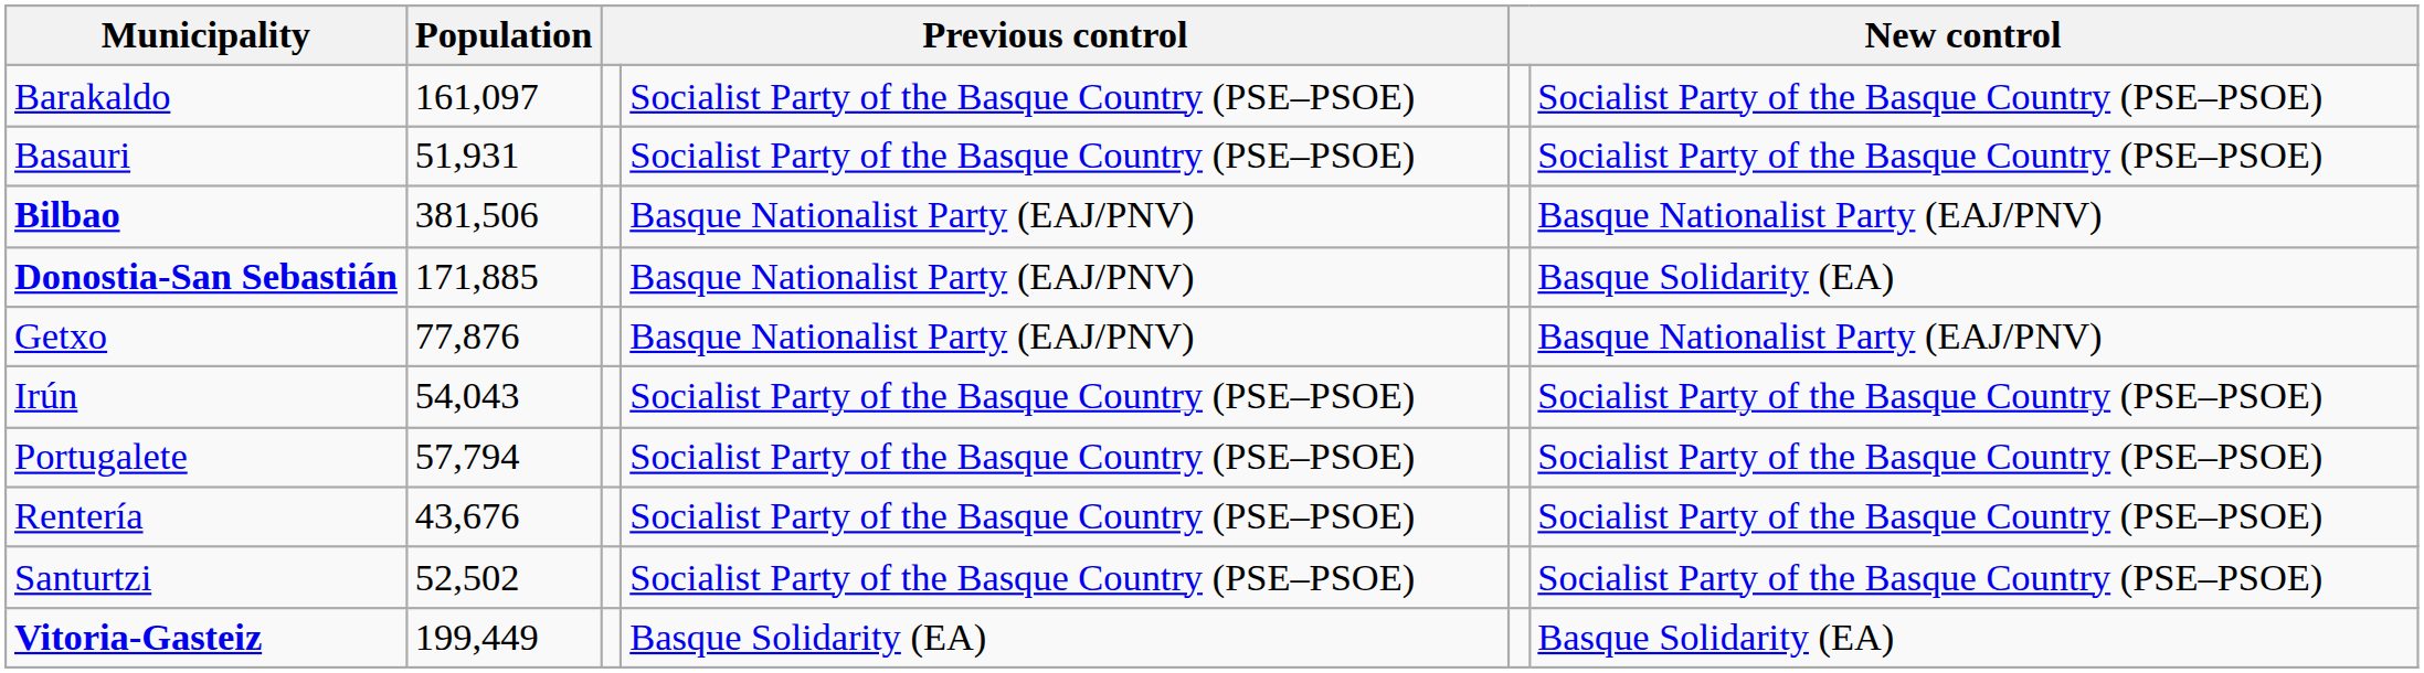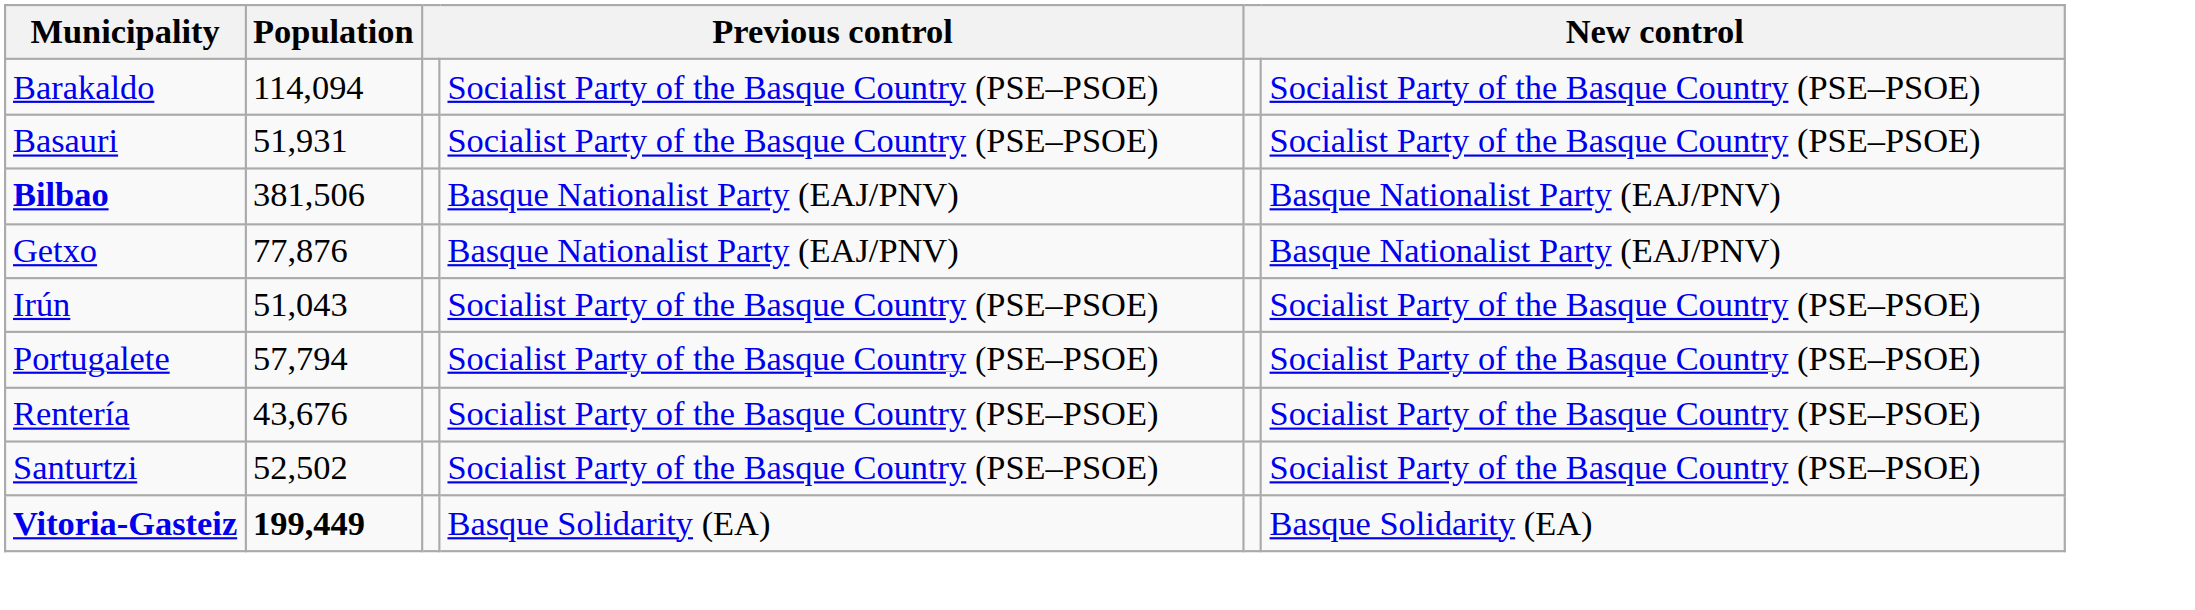 <table class="wikitable sortable">
 <tr>
 <th>Municipality</th>
 <th>Population</th>
 <th colspan="2" style="width:375px;">Previous control</th>
 <th colspan="2" style="width:375px;">New control</th>
 </tr>
 <tr>
 <td><a href='#'>Barakaldo</a></td>
-<td>161,097</td>
+<td>114,094</td>
 <td width="1" style="color:inherit;background:"></td>
 <td><a href='#'>Socialist Party of the Basque Country</a> (PSE–PSOE)</td>
 <td width="1" style="color:inherit;background:"></td>
 <td><a href='#'>Socialist Party of the Basque Country</a> (PSE–PSOE)</td>
 </tr>
 <tr>
 <td><a href='#'>Basauri</a></td>
 <td>51,931</td>
 <td style="color:inherit;background:"></td>
 <td><a href='#'>Socialist Party of the Basque Country</a> (PSE–PSOE)</td>
 <td style="color:inherit;background:"></td>
 <td><a href='#'>Socialist Party of the Basque Country</a> (PSE–PSOE)</td>
 </tr>
 <tr>
 <td><strong><a href='#'>Bilbao</a></strong></td>
 <td>381,506</td>
 <td style="color:inherit;background:"></td>
 <td><a href='#'>Basque Nationalist Party</a> (EAJ/PNV)</td>
 <td style="color:inherit;background:"></td>
 <td><a href='#'>Basque Nationalist Party</a> (EAJ/PNV)</td>
 </tr>
 <tr>
-<td><strong><a href='#'>Donostia-San Sebastián</a></strong></td>
-<td>171,885</td>
-<td style="color:inherit;background:"></td>
-<td><a href='#'>Basque Nationalist Party</a> (EAJ/PNV)</td>
-<td style="color:inherit;background:"></td>
-<td><a href='#'>Basque Solidarity</a> (EA)</td>
-</tr>
-<tr>
 <td><a href='#'>Getxo</a></td>
 <td>77,876</td>
 <td style="color:inherit;background:"></td>
 <td><a href='#'>Basque Nationalist Party</a> (EAJ/PNV)</td>
 <td style="color:inherit;background:"></td>
 <td><a href='#'>Basque Nationalist Party</a> (EAJ/PNV)</td>
 </tr>
 <tr>
 <td><a href='#'>Irún</a></td>
-<td>54,043</td>
+<td>51,043</td>
 <td style="color:inherit;background:"></td>
 <td><a href='#'>Socialist Party of the Basque Country</a> (PSE–PSOE)</td>
 <td style="color:inherit;background:"></td>
 <td><a href='#'>Socialist Party of the Basque Country</a> (PSE–PSOE)</td>
 </tr>
 <tr>
 <td><a href='#'>Portugalete</a></td>
 <td>57,794</td>
 <td style="color:inherit;background:"></td>
 <td><a href='#'>Socialist Party of the Basque Country</a> (PSE–PSOE)</td>
 <td style="color:inherit;background:"></td>
 <td><a href='#'>Socialist Party of the Basque Country</a> (PSE–PSOE)</td>
 </tr>
 <tr>
 <td><a href='#'>Rentería</a></td>
 <td>43,676</td>
 <td style="color:inherit;background:"></td>
 <td><a href='#'>Socialist Party of the Basque Country</a> (PSE–PSOE)</td>
 <td style="color:inherit;background:"></td>
 <td><a href='#'>Socialist Party of the Basque Country</a> (PSE–PSOE)</td>
 </tr>
 <tr>
 <td><a href='#'>Santurtzi</a></td>
 <td>52,502</td>
 <td style="color:inherit;background:"></td>
 <td><a href='#'>Socialist Party of the Basque Country</a> (PSE–PSOE)</td>
 <td style="color:inherit;background:"></td>
 <td><a href='#'>Socialist Party of the Basque Country</a> (PSE–PSOE)</td>
 </tr>
 <tr>
 <td><strong><a href='#'>Vitoria-Gasteiz</a></strong></td>
-<td>199,449</td>
+<td><strong>199,449</strong></td>
 <td style="color:inherit;background:"></td>
 <td><a href='#'>Basque Solidarity</a> (EA)</td>
 <td style="color:inherit;background:"></td>
 <td><a href='#'>Basque Solidarity</a> (EA) </td>
 </tr>
 </table>
